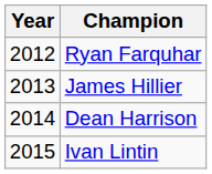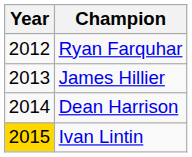 <table class="wikitable">
 <tr>
 <th>Year</th>
 <th>Champion</th>
 </tr>
 <tr>
 <td>2012</td>
 <td> <a href='#'>Ryan Farquhar</a></td>
 </tr>
 <tr>
 <td>2013</td>
 <td> <a href='#'>James Hillier</a></td>
 </tr>
 <tr>
 <td>2014</td>
 <td> <a href='#'>Dean Harrison</a></td>
 </tr>
 <tr>
-<td>2015</td>
+<td style="background: gold;">2015</td>
 <td> <a href='#'>Ivan Lintin</a></td>
 </tr>
 </table>
